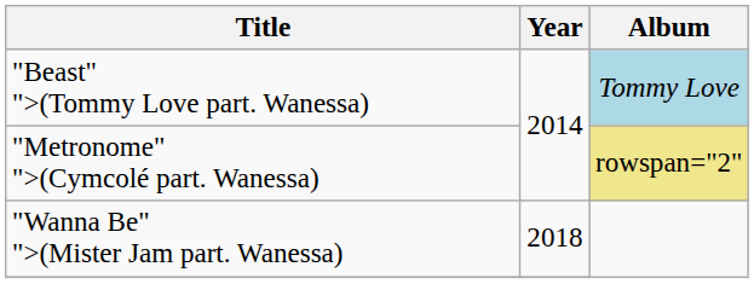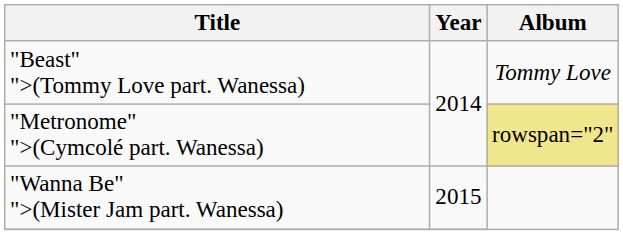 <table class="wikitable">
 <tr>
 <th style="width:18em;">Title</th>
 <th>Year</th>
 <th>Album</th>
 </tr>
 <tr>
 <td>"Beast"<br><span>">(Tommy Love part. Wanessa)</span></td>
 <td rowspan="2">2014</td>
-<td align="center" style="background: lightblue;"><em>Tommy Love</em> </td>
+<td align="center"><em>Tommy Love</em> </td>
 </tr>
 <tr>
 <td>"Metronome"<br><span>">(Cymcolé part. Wanessa)</span></td>
 <td style="background: khaki;">rowspan="2" </td>
 </tr>
 <tr>
 <td>"Wanna Be"<br><span>">(Mister Jam part. Wanessa)</span></td>
-<td>2018</td>
+<td>2015</td>
 </tr>
 <tr>
 </tr>
 </table>
